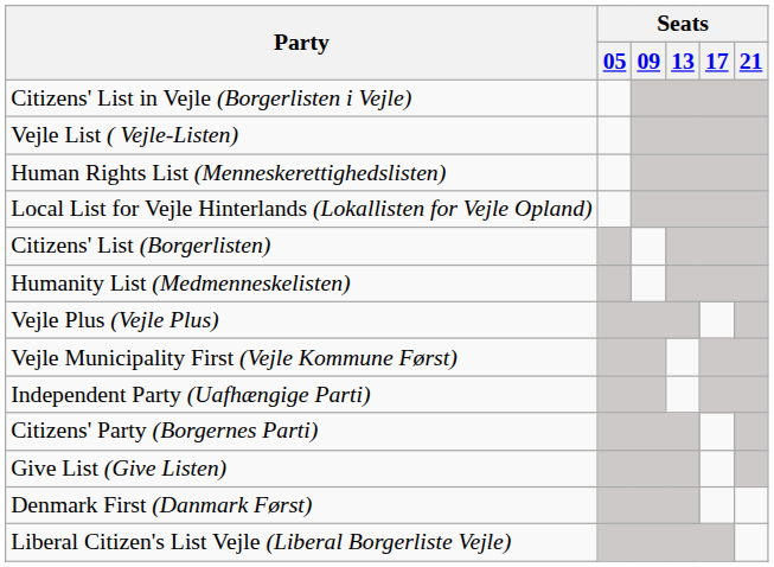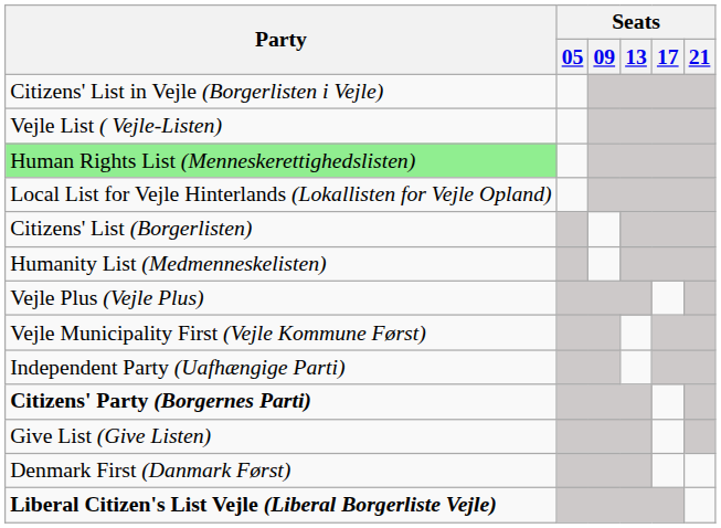 <table class="wikitable">
 <tr>
 <th rowspan=2>Party</th>
 <th colspan=11>Seats</th>
 </tr>
 <tr>
 <th><a href='#'>05</a></th>
 <th><a href='#'>09</a></th>
 <th><a href='#'>13</a></th>
 <th><a href='#'>17</a></th>
 <th><a href='#'>21</a></th>
 </tr>
 <tr>
 <td>Citizens' List in Vejle <em>(Borgerlisten i Vejle)</em></td>
 <td></td>
 <td style="background:#CDC9C9;" colspan=4></td>
 </tr>
 <tr>
 <td>Vejle List <em>(	Vejle-Listen)</em></td>
 <td></td>
 <td style="background:#CDC9C9;" colspan=4></td>
 </tr>
 <tr>
-<td>Human Rights List <em>(Menneskerettighedslisten)</em></td>
+<td style="background: lightgreen;">Human Rights List <em>(Menneskerettighedslisten)</em></td>
 <td></td>
 <td style="background:#CDC9C9;" colspan=4></td>
 </tr>
 <tr>
 <td>Local List for Vejle Hinterlands <em>(Lokallisten for Vejle Opland)</em></td>
 <td></td>
 <td style="background:#CDC9C9;" colspan=4></td>
 </tr>
 <tr>
 <td>Citizens' List <em>(Borgerlisten)</em></td>
 <td style="background:#CDC9C9;"></td>
 <td></td>
 <td style="background:#CDC9C9;" colspan=3></td>
 </tr>
 <tr>
 <td>Humanity List <em>(Medmenneskelisten)</em></td>
 <td style="background:#CDC9C9;"></td>
 <td></td>
 <td style="background:#CDC9C9;" colspan=3></td>
 </tr>
 <tr>
 <td>Vejle Plus <em>(Vejle Plus)</em></td>
 <td style="background:#CDC9C9;" colspan=3></td>
 <td></td>
 <td style="background:#CDC9C9;"></td>
 </tr>
 <tr>
 <td>Vejle Municipality First <em>(Vejle Kommune Først)</em></td>
 <td style="background:#CDC9C9;" colspan=2></td>
 <td></td>
 <td style="background:#CDC9C9;" colspan=2></td>
 </tr>
 <tr>
 <td>Independent Party <em>(Uafhængige Parti)</em></td>
 <td style="background:#CDC9C9;" colspan=2></td>
 <td></td>
 <td style="background:#CDC9C9;" colspan=2></td>
 </tr>
 <tr>
-<td>Citizens' Party <em>(Borgernes Parti)</em></td>
+<td><strong>Citizens' Party <em>(Borgernes Parti)</em></strong></td>
 <td style="background:#CDC9C9;" colspan=3></td>
 <td></td>
 <td style="background:#CDC9C9;"></td>
 </tr>
 <tr>
 <td>Give List <em>(Give Listen)</em></td>
 <td style="background:#CDC9C9;" colspan=3></td>
 <td></td>
 <td style="background:#CDC9C9;"></td>
 </tr>
 <tr>
 <td>Denmark First <em>(Danmark Først)</em></td>
 <td style="background:#CDC9C9;" colspan=3></td>
 <td></td>
 <td></td>
 </tr>
 <tr>
-<td>Liberal Citizen's List Vejle <em>(Liberal Borgerliste Vejle)</em></td>
+<td><strong>Liberal Citizen's List Vejle <em>(Liberal Borgerliste Vejle)</em></strong></td>
 <td style="background:#CDC9C9;" colspan=4></td>
 <td></td>
 </tr>
 </table>
